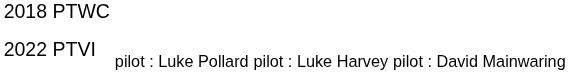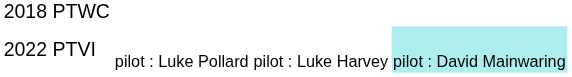 <table>
 <tr>
 <td>2018 PTWC </td>
 <td></td>
 <td></td>
 <td></td>
 </tr>
 <tr>
 <td>2022 PTVI </td>
 <td> <br><small>pilot : Luke Pollard</small></td>
 <td>  <br><small>pilot :  Luke Harvey </small></td>
-<td>   <br><small>pilot :  David Mainwaring </small></td>
+<td style="background: paleturquoise;">   <br><small>pilot :  David Mainwaring </small></td>
 </tr>
 </table>
